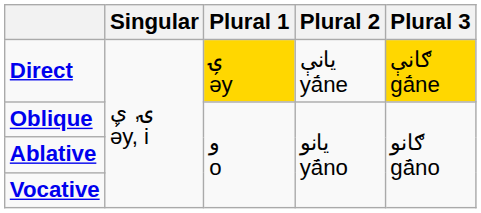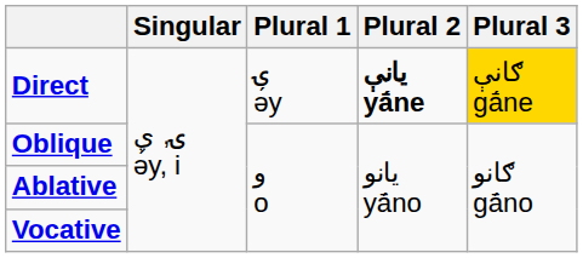 <table class="wikitable">
 <tr>
 <th></th>
 <th>Singular</th>
 <th>Plural 1</th>
 <th>Plural 2</th>
 <th>Plural 3</th>
 </tr>
 <tr>
 <td><strong><a href='#'>Direct</a></strong></td>
 <td rowspan="4">ۍ, ي<br>ə́y, i</td>
-<td style="background: gold;">ۍ<br>ə́y</td>
-<td>یانې<br>yā́ne</td>
+<td>ۍ<br>ə́y</td>
+<td><strong>یانې<br>yā́ne</strong></td>
 <td style="background: gold;">ګانې<br>gā́ne</td>
 </tr>
 <tr>
 <td><strong><a href='#'>Oblique</a></strong></td>
 <td rowspan="3">و<br>o</td>
 <td rowspan="3">یانو<br>yā́no</td>
 <td rowspan="3">ګانو<br>gā́no</td>
 </tr>
 <tr>
 <td><strong><a href='#'>Ablative</a></strong></td>
 </tr>
 <tr>
 <td><strong><a href='#'>Vocative</a></strong></td>
 </tr>
 </table>
